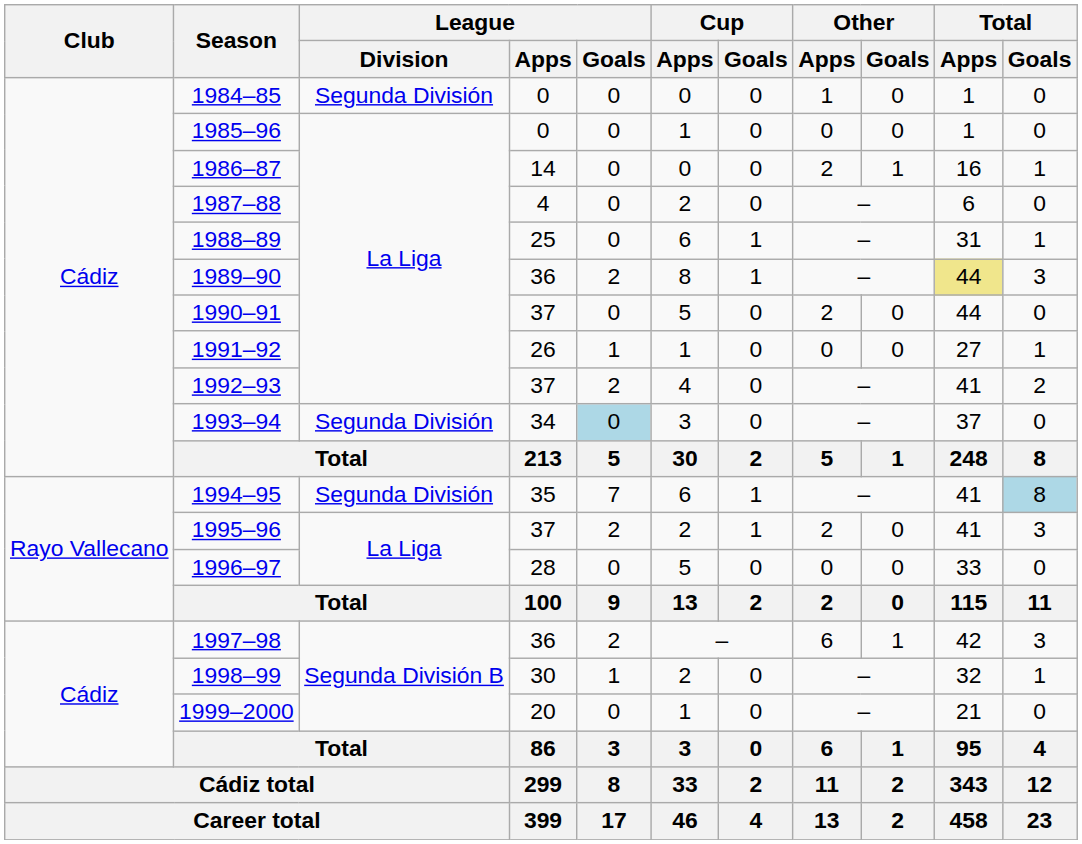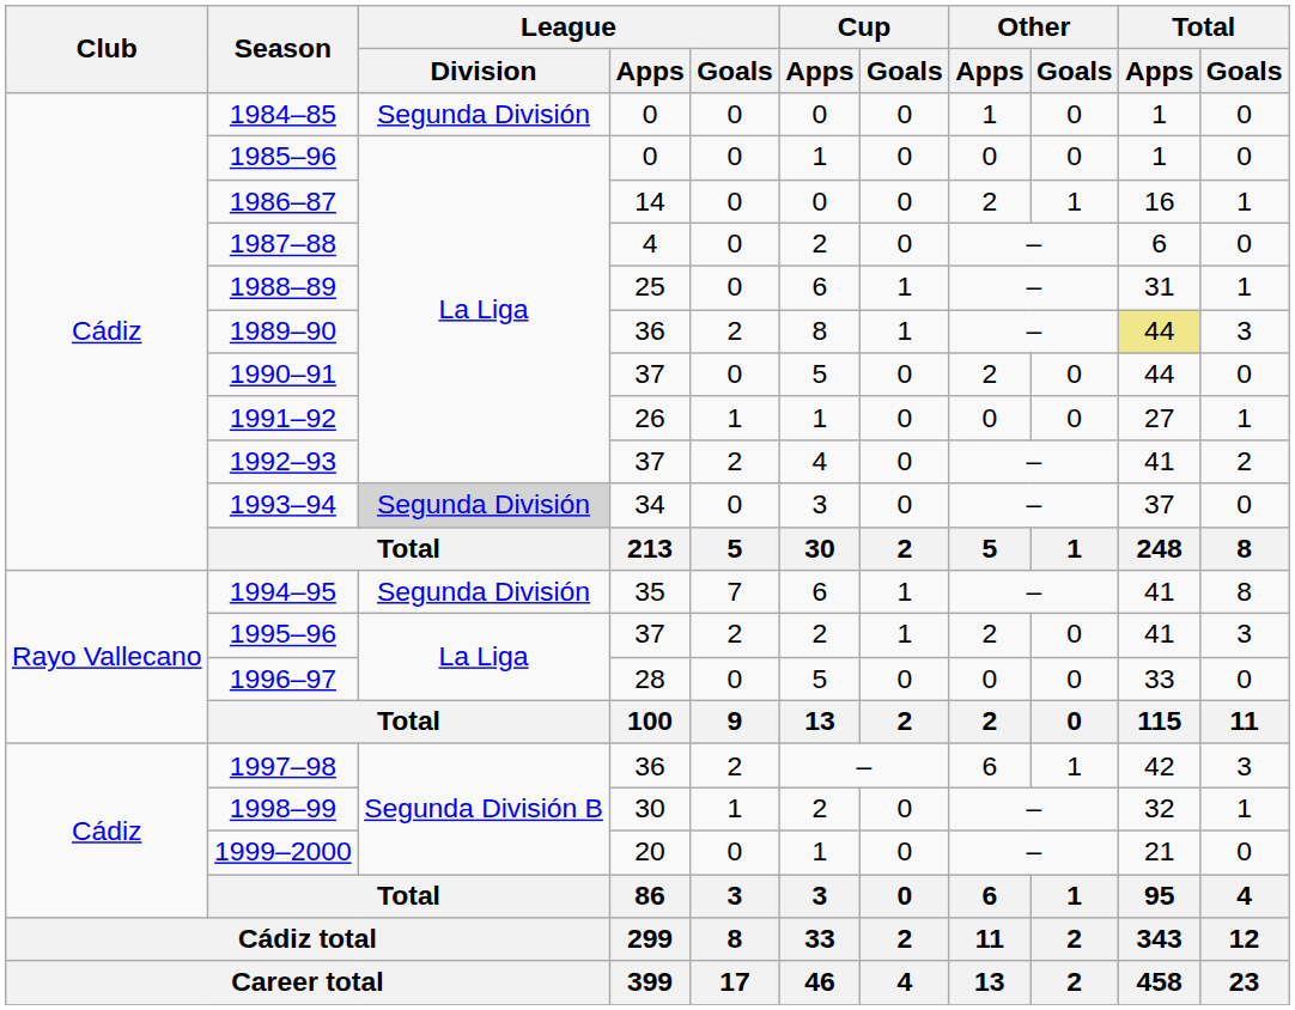 <table class="wikitable" style="text-align: center;">
 <tr>
 <th rowspan="2">Club</th>
 <th rowspan="2">Season</th>
 <th colspan="3">League</th>
 <th colspan="2">Cup</th>
 <th colspan="2">Other</th>
 <th colspan="2">Total</th>
 </tr>
 <tr>
 <th>Division</th>
 <th>Apps</th>
 <th>Goals</th>
 <th>Apps</th>
 <th>Goals</th>
 <th>Apps</th>
 <th>Goals</th>
 <th>Apps</th>
 <th>Goals</th>
 </tr>
 <tr>
 <td rowspan="11" valign="center"><a href='#'>Cádiz</a></td>
 <td><a href='#'>1984–85</a></td>
 <td><a href='#'>Segunda División</a></td>
 <td>0</td>
 <td>0</td>
 <td>0</td>
 <td>0</td>
 <td>1</td>
 <td>0</td>
 <td>1</td>
 <td>0</td>
 </tr>
 <tr>
 <td><a href='#'>1985–96</a></td>
 <td rowspan="8"><a href='#'>La Liga</a></td>
 <td>0</td>
 <td>0</td>
 <td>1</td>
 <td>0</td>
 <td>0</td>
 <td>0</td>
 <td>1</td>
 <td>0</td>
 </tr>
 <tr>
 <td><a href='#'>1986–87</a></td>
 <td>14</td>
 <td>0</td>
 <td>0</td>
 <td>0</td>
 <td>2</td>
 <td>1</td>
 <td>16</td>
 <td>1</td>
 </tr>
 <tr>
 <td><a href='#'>1987–88</a></td>
 <td>4</td>
 <td>0</td>
 <td>2</td>
 <td>0</td>
 <td colspan="2">–</td>
 <td>6</td>
 <td>0</td>
 </tr>
 <tr>
 <td><a href='#'>1988–89</a></td>
 <td>25</td>
 <td>0</td>
 <td>6</td>
 <td>1</td>
 <td colspan="2">–</td>
 <td>31</td>
 <td>1</td>
 </tr>
 <tr>
 <td><a href='#'>1989–90</a></td>
 <td>36</td>
 <td>2</td>
 <td>8</td>
 <td>1</td>
 <td colspan="2">–</td>
 <td style="background: khaki;">44</td>
 <td>3</td>
 </tr>
 <tr>
 <td><a href='#'>1990–91</a></td>
 <td>37</td>
 <td>0</td>
 <td>5</td>
 <td>0</td>
 <td>2</td>
 <td>0</td>
 <td>44</td>
 <td>0</td>
 </tr>
 <tr>
 <td><a href='#'>1991–92</a></td>
 <td>26</td>
 <td>1</td>
 <td>1</td>
 <td>0</td>
 <td>0</td>
 <td>0</td>
 <td>27</td>
 <td>1</td>
 </tr>
 <tr>
 <td><a href='#'>1992–93</a></td>
 <td>37</td>
 <td>2</td>
 <td>4</td>
 <td>0</td>
 <td colspan="2">–</td>
 <td>41</td>
 <td>2</td>
 </tr>
 <tr>
 <td><a href='#'>1993–94</a></td>
-<td><a href='#'>Segunda División</a></td>
+<td style="background: lightgrey;"><a href='#'>Segunda División</a></td>
 <td>34</td>
-<td style="background: lightblue;">0</td>
+<td>0</td>
 <td>3</td>
 <td>0</td>
 <td colspan="2">–</td>
 <td>37</td>
 <td>0</td>
 </tr>
 <tr>
 <th colspan="2">Total</th>
 <th>213</th>
 <th>5</th>
 <th>30</th>
 <th>2</th>
 <th>5</th>
 <th>1</th>
 <th>248</th>
 <th>8</th>
 </tr>
 <tr>
 <td rowspan="4" valign="center"><a href='#'>Rayo Vallecano</a></td>
 <td><a href='#'>1994–95</a></td>
 <td><a href='#'>Segunda División</a></td>
 <td>35</td>
 <td>7</td>
 <td>6</td>
 <td>1</td>
 <td colspan="2">–</td>
 <td>41</td>
-<td style="background: lightblue;">8</td>
+<td>8</td>
 </tr>
 <tr>
 <td><a href='#'>1995–96</a></td>
 <td rowspan="2"><a href='#'>La Liga</a></td>
 <td>37</td>
 <td>2</td>
 <td>2</td>
 <td>1</td>
 <td>2</td>
 <td>0</td>
 <td>41</td>
 <td>3</td>
 </tr>
 <tr>
 <td><a href='#'>1996–97</a></td>
 <td>28</td>
 <td>0</td>
 <td>5</td>
 <td>0</td>
 <td>0</td>
 <td>0</td>
 <td>33</td>
 <td>0</td>
 </tr>
 <tr>
 <th colspan="2">Total</th>
 <th>100</th>
 <th>9</th>
 <th>13</th>
 <th>2</th>
 <th>2</th>
 <th>0</th>
 <th>115</th>
 <th>11</th>
 </tr>
 <tr>
 <td rowspan="4" valign="center"><a href='#'>Cádiz</a></td>
 <td><a href='#'>1997–98</a></td>
 <td rowspan="3"><a href='#'>Segunda División B</a></td>
 <td>36</td>
 <td>2</td>
 <td colspan="2">–</td>
 <td>6</td>
 <td>1</td>
 <td>42</td>
 <td>3</td>
 </tr>
 <tr>
 <td><a href='#'>1998–99</a></td>
 <td>30</td>
 <td>1</td>
 <td>2</td>
 <td>0</td>
 <td colspan="2">–</td>
 <td>32</td>
 <td>1</td>
 </tr>
 <tr>
 <td><a href='#'>1999–2000</a></td>
 <td>20</td>
 <td>0</td>
 <td>1</td>
 <td>0</td>
 <td colspan="2">–</td>
 <td>21</td>
 <td>0</td>
 </tr>
 <tr>
 <th colspan="2">Total</th>
 <th>86</th>
 <th>3</th>
 <th>3</th>
 <th>0</th>
 <th>6</th>
 <th>1</th>
 <th>95</th>
 <th>4</th>
 </tr>
 <tr>
 <th colspan="3">Cádiz total</th>
 <th>299</th>
 <th>8</th>
 <th>33</th>
 <th>2</th>
 <th>11</th>
 <th>2</th>
 <th>343</th>
 <th>12</th>
 </tr>
 <tr>
 <th colspan="3">Career total</th>
 <th>399</th>
 <th>17</th>
 <th>46</th>
 <th>4</th>
 <th>13</th>
 <th>2</th>
 <th>458</th>
 <th>23</th>
 </tr>
 </table>
